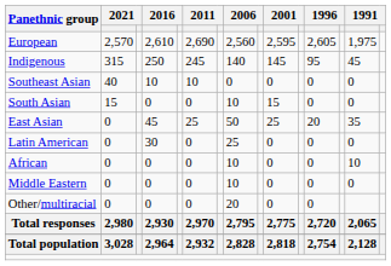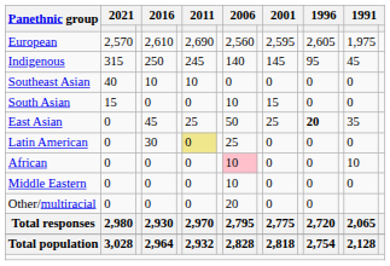 <table class="wikitable collapsible sortable">
 <tr>
 <th rowspan="2"><a href='#'>Panethnic</a> group</th>
 <th colspan="2">2021</th>
 <th colspan="2">2016</th>
 <th colspan="2">2011</th>
 <th colspan="2">2006</th>
 <th colspan="2">2001</th>
 <th colspan="2">1996</th>
 <th colspan="2">1991</th>
 </tr>
 <tr>
 <th><a href='#'></a></th>
 <th></th>
 <th></th>
 <th></th>
 <th></th>
 <th></th>
 <th></th>
 <th></th>
 <th></th>
 <th></th>
 <th></th>
 <th></th>
 <th></th>
 <th></th>
 </tr>
 <tr>
 <td><a href='#'>European</a></td>
 <td>2,570</td>
 <td></td>
 <td>2,610</td>
 <td></td>
 <td>2,690</td>
 <td></td>
 <td>2,560</td>
 <td></td>
 <td>2,595</td>
 <td></td>
 <td>2,605</td>
 <td></td>
 <td>1,975</td>
 <td></td>
 </tr>
 <tr>
 <td><a href='#'>Indigenous</a></td>
 <td>315</td>
 <td></td>
 <td>250</td>
 <td></td>
 <td>245</td>
 <td></td>
 <td>140</td>
 <td></td>
 <td>145</td>
 <td></td>
 <td>95</td>
 <td></td>
 <td>45</td>
 <td></td>
 </tr>
 <tr>
 <td><a href='#'>Southeast Asian</a></td>
 <td>40</td>
 <td></td>
 <td>10</td>
 <td></td>
 <td>10</td>
 <td></td>
 <td>0</td>
 <td></td>
 <td>0</td>
 <td></td>
 <td>0</td>
 <td></td>
 <td>0</td>
 <td></td>
 </tr>
 <tr>
 <td><a href='#'>South Asian</a></td>
 <td>15</td>
 <td></td>
 <td>0</td>
 <td></td>
 <td>0</td>
 <td></td>
 <td>10</td>
 <td></td>
 <td>15</td>
 <td></td>
 <td>0</td>
 <td></td>
 <td>0</td>
 <td></td>
 </tr>
 <tr>
 <td><a href='#'>East Asian</a></td>
 <td>0</td>
 <td></td>
 <td>45</td>
 <td></td>
 <td>25</td>
 <td></td>
 <td>50</td>
 <td></td>
 <td>25</td>
 <td></td>
-<td>20</td>
+<td><strong>20</strong></td>
 <td></td>
 <td>35</td>
 <td></td>
 </tr>
 <tr>
 <td><a href='#'>Latin American</a></td>
 <td>0</td>
 <td></td>
 <td>30</td>
 <td></td>
-<td>0</td>
+<td style="background: khaki;">0</td>
 <td></td>
 <td>25</td>
 <td></td>
 <td>0</td>
 <td></td>
 <td>0</td>
 <td></td>
 <td>0</td>
 <td></td>
 </tr>
 <tr>
 <td><a href='#'>African</a></td>
 <td>0</td>
 <td></td>
 <td>0</td>
 <td></td>
 <td>0</td>
 <td></td>
-<td>10</td>
+<td style="background: pink;">10</td>
 <td></td>
 <td>0</td>
 <td></td>
 <td>0</td>
 <td></td>
 <td>10</td>
 <td></td>
 </tr>
 <tr>
 <td><a href='#'>Middle Eastern</a></td>
 <td>0</td>
 <td></td>
 <td>0</td>
 <td></td>
 <td>0</td>
 <td></td>
 <td>10</td>
 <td></td>
 <td>0</td>
 <td></td>
 <td>0</td>
 <td></td>
 <td>0</td>
 <td></td>
 </tr>
 <tr>
 <td>Other/<a href='#'>multiracial</a></td>
 <td>0</td>
 <td></td>
 <td>0</td>
 <td></td>
 <td>0</td>
 <td></td>
 <td>20</td>
 <td></td>
 <td>0</td>
 <td></td>
 <td>0</td>
 <td></td>
 <td></td>
 <td></td>
 </tr>
 <tr>
 <th>Total responses</th>
 <th>2,980</th>
 <th></th>
 <th>2,930</th>
 <th></th>
 <th>2,970</th>
 <th></th>
 <th>2,795</th>
 <th></th>
 <th>2,775</th>
 <th></th>
 <th>2,720</th>
 <th></th>
 <th>2,065</th>
 <th></th>
 </tr>
 <tr>
 </tr>
 <tr class="sortbottom">
 <th>Total population</th>
 <th>3,028</th>
 <th></th>
 <th>2,964</th>
 <th></th>
 <th>2,932</th>
 <th></th>
 <th>2,828</th>
 <th></th>
 <th>2,818</th>
 <th></th>
 <th>2,754</th>
 <th></th>
 <th>2,128</th>
 <th></th>
 </tr>
 <tr class="sortbottom">
 <td colspan="15"></td>
 </tr>
 </table>
